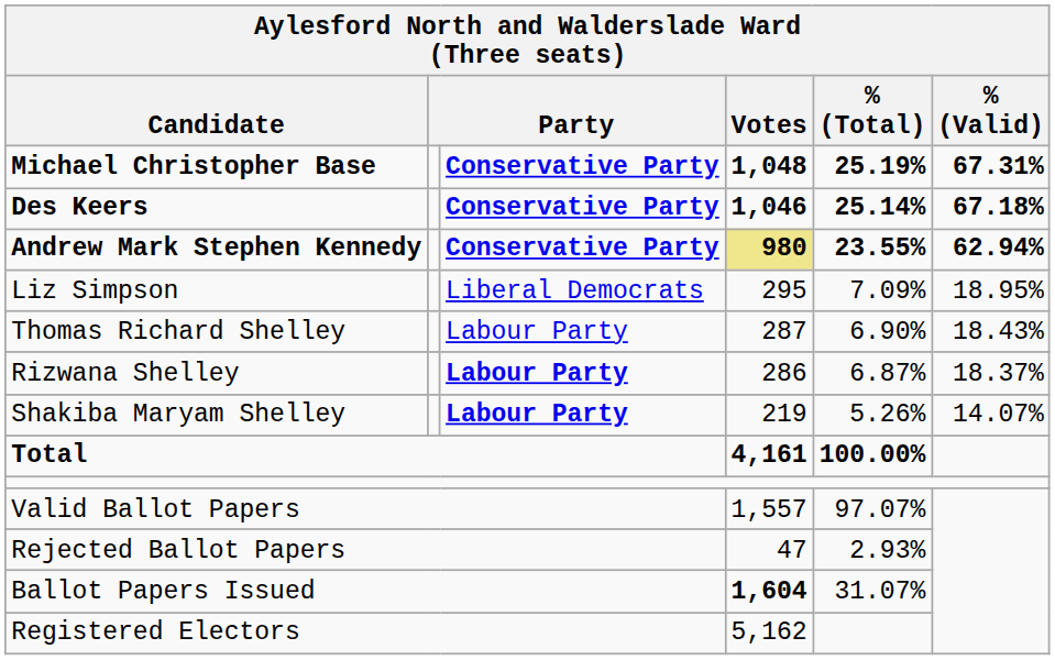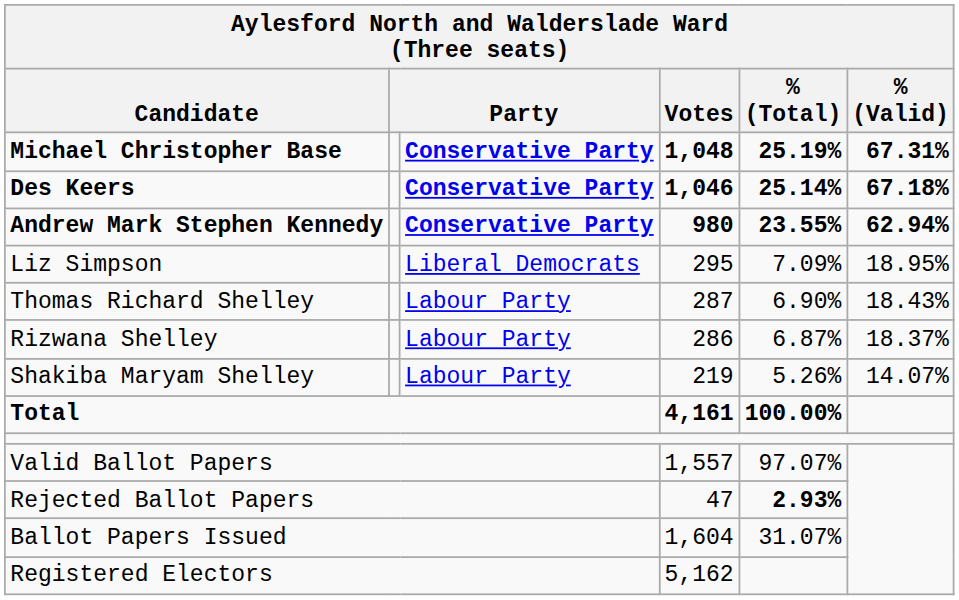 <table class="wikitable" border="1" style="text-align:right; font-size:100%">
 <tr>
 <th align=center colspan=6>Aylesford North and Walderslade Ward<br>(Three seats)</th>
 </tr>
 <tr>
 <th valign=bottom>Candidate</th>
 <th valign=bottom colspan=2>Party</th>
 <th valign=bottom>Votes</th>
 <th>%<br>(Total)</th>
 <th>%<br>(Valid)</th>
 </tr>
 <tr>
 <td align=left><strong>Michael Christopher Base</strong></td>
 <td style="background:"></td>
 <td align=left><strong><a href='#'>Conservative Party</a></strong></td>
 <td><strong>1,048</strong></td>
 <td><strong>25.19%</strong></td>
 <td><strong>67.31%</strong></td>
 </tr>
 <tr>
 <td align=left><strong>Des Keers</strong></td>
 <td style="background:"></td>
 <td align=left><strong><a href='#'>Conservative Party</a></strong></td>
 <td><strong>1,046</strong></td>
 <td><strong>25.14%</strong></td>
 <td><strong>67.18%</strong></td>
 </tr>
 <tr>
 <td align=left><strong>Andrew Mark Stephen Kennedy</strong></td>
 <td style="background:"></td>
 <td align=left><strong><a href='#'>Conservative Party</a></strong></td>
-<td style="background: khaki;"><strong>980</strong></td>
+<td><strong>980</strong></td>
 <td><strong>23.55%</strong></td>
 <td><strong>62.94%</strong></td>
 </tr>
 <tr>
 <td align=left>Liz Simpson</td>
 <td style="background:"></td>
 <td align=left><a href='#'>Liberal Democrats</a></td>
 <td>295</td>
 <td>7.09%</td>
 <td>18.95%</td>
 </tr>
 <tr>
 <td align=left>Thomas Richard Shelley</td>
 <td style="background:"></td>
 <td align=left><a href='#'>Labour Party</a></td>
 <td>287</td>
 <td>6.90%</td>
 <td>18.43%</td>
 </tr>
 <tr>
 <td align=left>Rizwana Shelley</td>
 <td style="background:"></td>
-<td align=left><strong><a href='#'>Labour Party</a></strong></td>
+<td align=left><a href='#'>Labour Party</a></td>
 <td>286</td>
 <td>6.87%</td>
 <td>18.37%</td>
 </tr>
 <tr>
 <td align=left>Shakiba Maryam Shelley</td>
 <td style="background:"></td>
-<td align=left><strong><a href='#'>Labour Party</a></strong></td>
+<td align=left><a href='#'>Labour Party</a></td>
 <td>219</td>
 <td>5.26%</td>
 <td>14.07%</td>
 </tr>
 <tr style="font-weight:bold">
 <td align=left colspan=3>Total</td>
 <td>4,161</td>
 <td>100.00%</td>
 <td></td>
 </tr>
 <tr>
 <td align=left colspan=6></td>
 </tr>
 <tr>
 <td align=left colspan=3>Valid Ballot Papers</td>
 <td>1,557</td>
 <td>97.07%</td>
 <td rowspan=4></td>
 </tr>
 <tr>
 <td align=left colspan=3>Rejected Ballot Papers</td>
 <td>47</td>
-<td>2.93%</td>
+<td><strong>2.93%</strong></td>
 </tr>
 <tr>
 <td align=left colspan=3>Ballot Papers Issued</td>
-<td><strong>1,604</strong></td>
+<td>1,604</td>
 <td>31.07%</td>
 </tr>
 <tr>
 <td align=left colspan=3>Registered Electors</td>
 <td>5,162</td>
 <td></td>
 </tr>
 </table>
